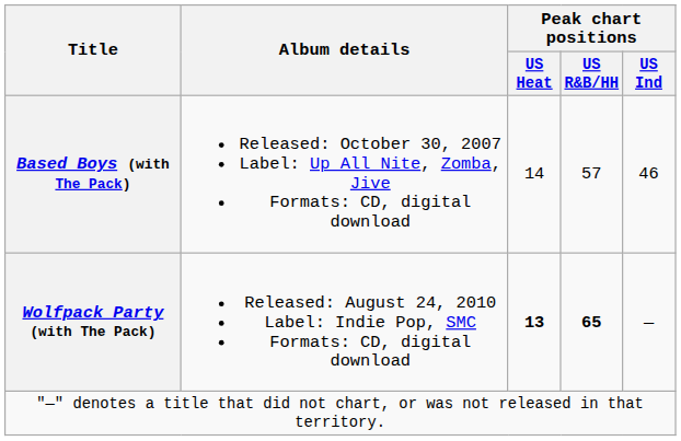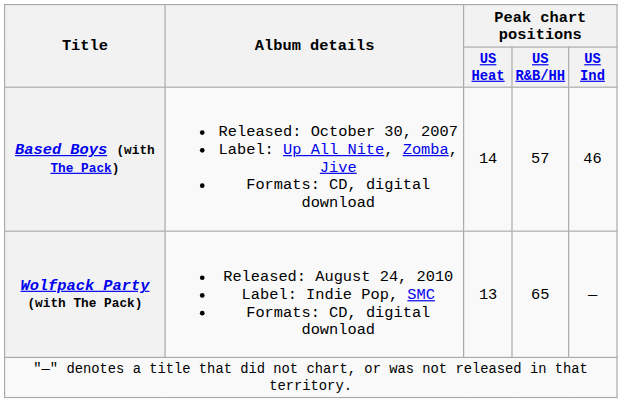 <table class="wikitable plainrowheaders" style="text-align:center;">
 <tr>
 <th scope="col" rowspan="2" style="width:10em;">Title</th>
 <th scope="col" rowspan="2" style="width:19em;">Album details</th>
 <th scope="col" colspan="3">Peak chart positions</th>
 </tr>
 <tr>
 <th scope="col" style="width:3em;font-size:90%;"><a href='#'>US Heat</a></th>
 <th scope="col" style="width:3em;font-size:90%;"><a href='#'>US R&B/HH</a></th>
 <th scope="col" style="width:3em;font-size:90%;"><a href='#'>US<br>Ind</a></th>
 </tr>
 <tr>
 <th scope="row"><em><a href='#'>Based Boys</a></em> <small>(with <a href='#'>The Pack</a>)</small></th>
 <td><br><ul><li>Released: October 30, 2007</li><li>Label: <a href='#'>Up All Nite</a>, <a href='#'>Zomba</a>, <a href='#'>Jive</a></li><li>Formats: CD, digital download</li></ul></td>
 <td>14</td>
 <td>57</td>
 <td>46</td>
 </tr>
 <tr>
 <th scope="row"><em><a href='#'>Wolfpack Party</a></em> <small>(with The Pack)</small></th>
 <td><br><ul><li>Released: August 24, 2010</li><li>Label: Indie Pop, <a href='#'>SMC</a></li><li>Formats: CD, digital download</li></ul></td>
-<td><strong>13</strong></td>
-<td><strong>65</strong></td>
+<td>13</td>
+<td>65</td>
 <td>—</td>
 </tr>
 <tr>
 <td colspan="12" style="font-size:90%">"—" denotes a title that did not chart, or was not released in that territory.</td>
 </tr>
 </table>
